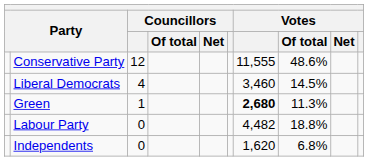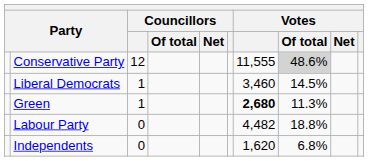 <table class="wikitable sortable" style="text-align:center;">
 <tr>
 <th colspan="10"></th>
 </tr>
 <tr>
 <th colspan="2" rowspan="2">Party</th>
 <th colspan="4">Councillors</th>
 <th colspan="4">Votes</th>
 </tr>
 <tr>
 <th></th>
 <th>Of total</th>
 <th>Net</th>
 <th class="unsortable"></th>
 <th></th>
 <th>Of total</th>
 <th>Net</th>
 <th class="unsortable"></th>
 </tr>
 <tr>
 <td style="background:"></td>
 <td style="text-align:left;"><a href='#'>Conservative Party</a></td>
 <td style="text-align:right;">12</td>
 <td style="text-align:right;"></td>
 <td style="text-align:right;"></td>
 <td data-sort-value=""></td>
 <td style="text-align:right;">11,555</td>
-<td style="text-align:right;">48.6%</td>
+<td style="background: lightgrey; text-align:right;">48.6%</td>
 <td style="text-align:right;"></td>
 <td></td>
 </tr>
 <tr>
 <td style="background:"></td>
 <td style="text-align:left;"><a href='#'>Liberal Democrats</a></td>
-<td style="text-align:right;">4</td>
+<td style="text-align:right;">1</td>
 <td style="text-align:right;"></td>
 <td style="text-align:right;"></td>
 <td data-sort-value=""></td>
 <td style="text-align:right;">3,460</td>
 <td style="text-align:right;">14.5%</td>
 <td style="text-align:right;"></td>
 <td></td>
 </tr>
 <tr>
 <td style="background:"></td>
 <td style="text-align:left;"><a href='#'>Green</a></td>
 <td style="text-align:right;">1</td>
 <td style="text-align:right;"></td>
 <td style="text-align:right;"></td>
 <td data-sort-value=""></td>
 <td style="text-align:right;"><strong>2,680</strong></td>
 <td style="text-align:right;">11.3%</td>
 <td style="text-align:right;"></td>
 <td></td>
 </tr>
 <tr>
 <td style="background:"></td>
 <td style="text-align:left;"><a href='#'>Labour Party</a></td>
 <td style="text-align:right;">0</td>
 <td style="text-align:right;"></td>
 <td style="text-align:right;"></td>
 <td data-sort-value=""></td>
 <td style="text-align:right;">4,482</td>
 <td style="text-align:right;">18.8%</td>
 <td style="text-align:right;"></td>
 <td></td>
 </tr>
 <tr>
 <td style="background:"></td>
 <td style="text-align:left;"><a href='#'>Independents</a></td>
 <td style="text-align:right;">0</td>
 <td style="text-align:right;"></td>
 <td style="text-align:right;"></td>
 <td data-sort-value=""></td>
 <td style="text-align:right;">1,620</td>
 <td style="text-align:right;">6.8%</td>
 <td style="text-align:right;"></td>
 <td></td>
 </tr>
 </table>
